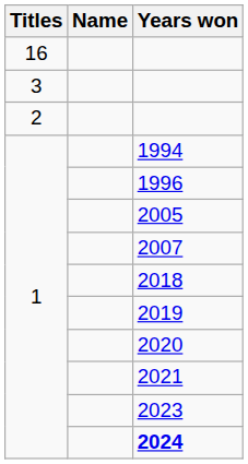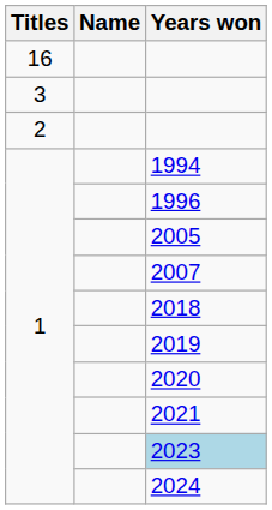 <table class="wikitable style="font-size:100%; text-align: left; width:70%">
 <tr>
 <th>Titles</th>
 <th>Name</th>
 <th>Years won</th>
 </tr>
 <tr>
 <td align=center>16</td>
 <td></td>
 <td></td>
 </tr>
 <tr>
 <td align="center">3</td>
 <td></td>
 <td></td>
 </tr>
 <tr>
 <td align="center">2</td>
 <td></td>
 <td></td>
 </tr>
 <tr>
 <td rowspan="10" align="center">1</td>
 <td></td>
 <td><a href='#'>1994</a></td>
 </tr>
 <tr>
 <td></td>
 <td><a href='#'>1996</a></td>
 </tr>
 <tr>
 <td></td>
 <td><a href='#'>2005</a></td>
 </tr>
 <tr>
 <td></td>
 <td><a href='#'>2007</a></td>
 </tr>
 <tr>
 <td></td>
 <td><a href='#'>2018</a></td>
 </tr>
 <tr>
 <td></td>
 <td><a href='#'>2019</a></td>
 </tr>
 <tr>
 <td></td>
 <td><a href='#'>2020</a></td>
 </tr>
 <tr>
 <td></td>
 <td><a href='#'>2021</a></td>
 </tr>
 <tr>
 <td></td>
-<td><a href='#'>2023</a></td>
+<td style="background: lightblue;"><a href='#'>2023</a></td>
 </tr>
 <tr>
 <td></td>
-<td><strong><a href='#'>2024</a></strong></td>
+<td><a href='#'>2024</a></td>
 </tr>
 </table>
